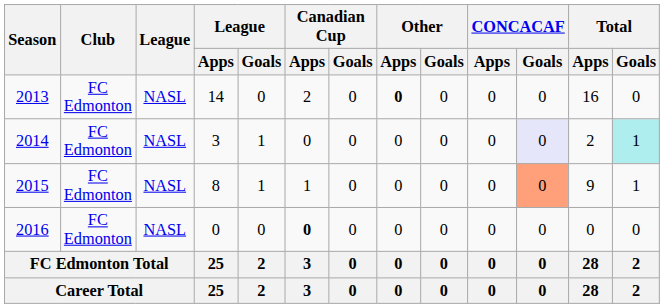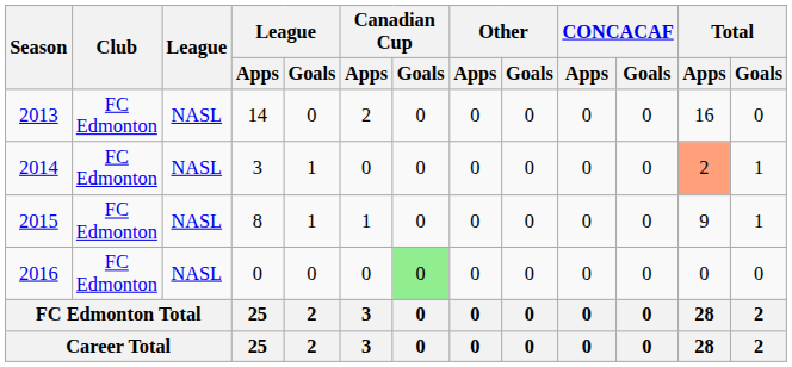 <table class="wikitable" style="text-align: center;">
 <tr>
 <th rowspan="2">Season</th>
 <th rowspan="2">Club</th>
 <th rowspan="2">League</th>
 <th colspan="2">League</th>
 <th colspan="2">Canadian Cup</th>
 <th colspan="2">Other</th>
 <th colspan="2"><a href='#'>CONCACAF</a></th>
 <th colspan="2">Total</th>
 </tr>
 <tr>
 <th>Apps</th>
 <th>Goals</th>
 <th>Apps</th>
 <th>Goals</th>
 <th>Apps</th>
 <th>Goals</th>
 <th>Apps</th>
 <th>Goals</th>
 <th>Apps</th>
 <th>Goals</th>
 </tr>
 <tr>
 <td><a href='#'>2013</a></td>
 <td><a href='#'>FC Edmonton</a></td>
 <td><a href='#'>NASL</a></td>
 <td>14</td>
 <td>0</td>
 <td>2</td>
 <td>0</td>
-<td><strong>0</strong></td>
+<td>0</td>
 <td>0</td>
 <td>0</td>
 <td>0</td>
 <td>16</td>
 <td>0</td>
 </tr>
 <tr>
 <td><a href='#'>2014</a></td>
 <td><a href='#'>FC Edmonton</a></td>
 <td><a href='#'>NASL</a></td>
 <td>3</td>
 <td>1</td>
 <td>0</td>
 <td>0</td>
 <td>0</td>
 <td>0</td>
 <td>0</td>
-<td style="background: lavender;">0</td>
-<td>2</td>
-<td style="background: paleturquoise;">1</td>
+<td>0</td>
+<td style="background: lightsalmon;">2</td>
+<td>1</td>
 </tr>
 <tr>
 <td><a href='#'>2015</a></td>
 <td><a href='#'>FC Edmonton</a></td>
 <td><a href='#'>NASL</a></td>
 <td>8</td>
 <td>1</td>
 <td>1</td>
 <td>0</td>
 <td>0</td>
 <td>0</td>
 <td>0</td>
-<td style="background: lightsalmon;">0</td>
+<td>0</td>
 <td>9</td>
 <td>1</td>
 </tr>
 <tr>
 <td><a href='#'>2016</a></td>
 <td><a href='#'>FC Edmonton</a></td>
 <td><a href='#'>NASL</a></td>
 <td>0</td>
 <td>0</td>
-<td><strong>0</strong></td>
 <td>0</td>
+<td style="background: lightgreen;">0</td>
 <td>0</td>
 <td>0</td>
 <td>0</td>
 <td>0</td>
 <td>0</td>
 <td>0</td>
 </tr>
 <tr>
 <th colspan="3">FC Edmonton Total</th>
 <th>25</th>
 <th>2</th>
 <th>3</th>
 <th>0</th>
 <th>0</th>
 <th>0</th>
 <th>0</th>
 <th>0</th>
 <th>28</th>
 <th>2</th>
 </tr>
 <tr>
 <th colspan="3">Career Total</th>
 <th>25</th>
 <th>2</th>
 <th>3</th>
 <th>0</th>
 <th>0</th>
 <th>0</th>
 <th>0</th>
 <th>0</th>
 <th>28</th>
 <th>2</th>
 </tr>
 </table>
